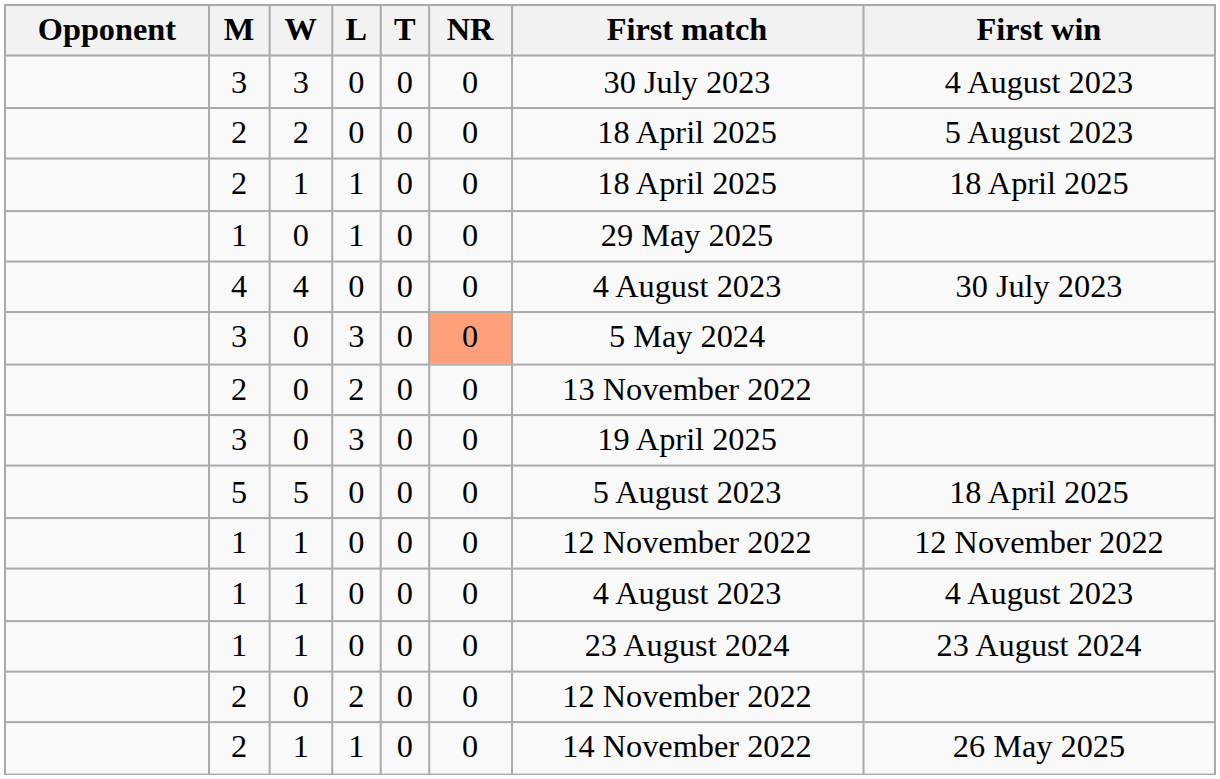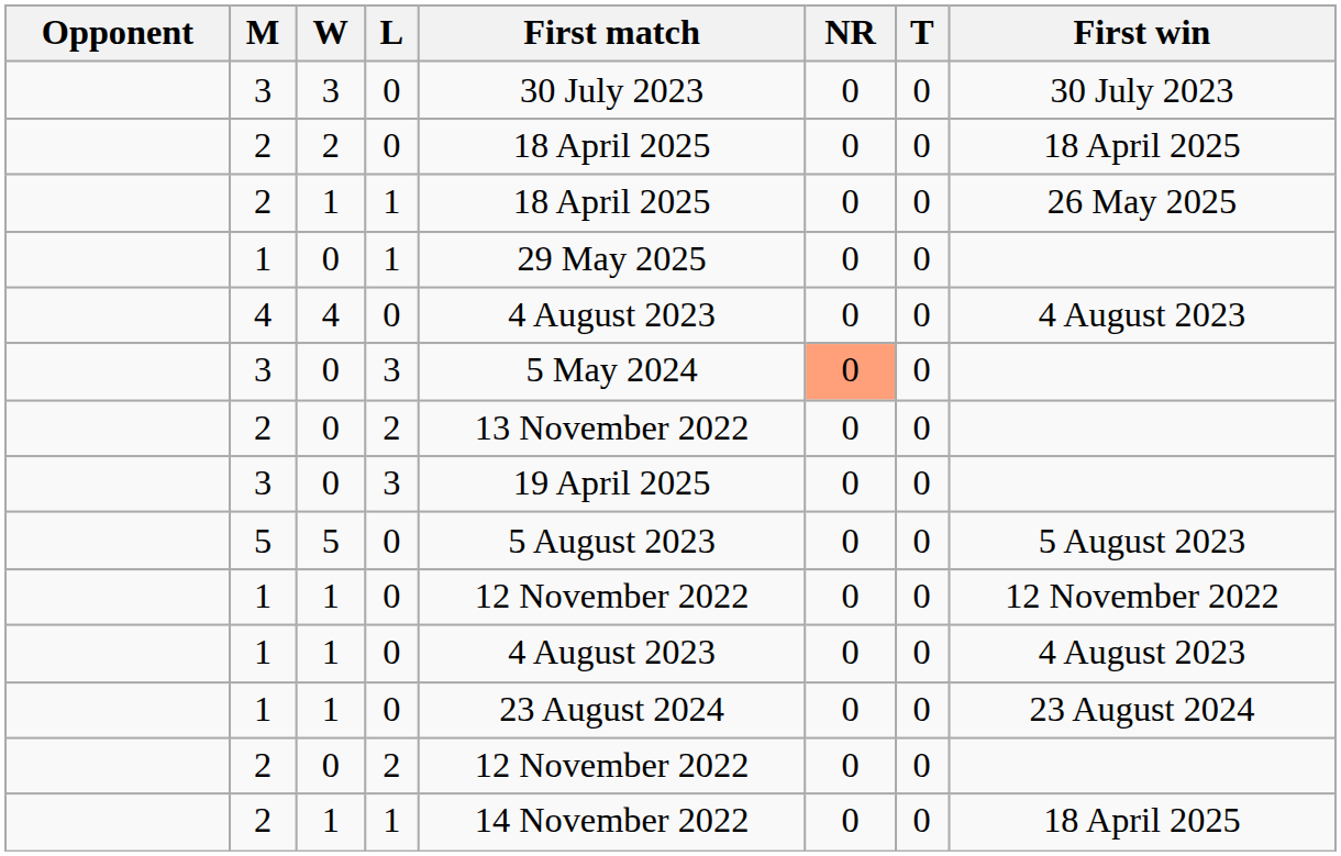 <table class="wikitable" style="text-align:center; width: 600px">
 <tr>
 <th>Opponent</th>
 <th>M</th>
 <th>W</th>
 <th>L</th>
+<th>First match</th>
+<th>NR</th>
 <th>T</th>
-<th>NR</th>
-<th>First match</th>
 <th>First win</th>
 </tr>
 <tr>
 <td align=left></td>
 <td>3</td>
 <td>3</td>
 <td>0</td>
+<td>30 July 2023</td>
 <td>0</td>
 <td>0</td>
 <td>30 July 2023</td>
-<td>4 August 2023</td>
 </tr>
 <tr>
 <td align=left></td>
 <td>2</td>
 <td>2</td>
 <td>0</td>
+<td>18 April 2025</td>
 <td>0</td>
 <td>0</td>
 <td>18 April 2025</td>
-<td>5 August 2023</td>
 </tr>
 <tr>
 <td align=left></td>
 <td>2</td>
 <td>1</td>
 <td>1</td>
+<td>18 April 2025</td>
 <td>0</td>
 <td>0</td>
-<td>18 April 2025</td>
-<td>18 April 2025</td>
+<td>26 May 2025</td>
 </tr>
 <tr>
 <td align=left></td>
 <td>1</td>
 <td>0</td>
 <td>1</td>
+<td>29 May 2025</td>
 <td>0</td>
 <td>0</td>
-<td>29 May 2025</td>
 <td></td>
 </tr>
 <tr>
 <td align=left></td>
 <td>4</td>
 <td>4</td>
 <td>0</td>
+<td>4 August 2023</td>
 <td>0</td>
 <td>0</td>
 <td>4 August 2023</td>
-<td>30 July 2023</td>
 </tr>
 <tr>
 <td align=left></td>
 <td>3</td>
 <td>0</td>
 <td>3</td>
+<td>5 May 2024</td>
+<td style="background: lightsalmon;">0</td>
 <td>0</td>
-<td style="background: lightsalmon;">0</td>
-<td>5 May 2024</td>
 <td></td>
 </tr>
 <tr>
 <td align=left></td>
 <td>2</td>
 <td>0</td>
 <td>2</td>
+<td>13 November 2022</td>
 <td>0</td>
 <td>0</td>
-<td>13 November 2022</td>
 <td></td>
 </tr>
 <tr>
 <td align=left></td>
 <td>3</td>
 <td>0</td>
 <td>3</td>
+<td>19 April 2025</td>
 <td>0</td>
 <td>0</td>
-<td>19 April 2025</td>
 <td></td>
 </tr>
 <tr>
 <td align=left></td>
 <td>5</td>
 <td>5</td>
 <td>0</td>
+<td>5 August 2023</td>
 <td>0</td>
 <td>0</td>
 <td>5 August 2023</td>
-<td>18 April 2025</td>
 </tr>
 <tr>
 <td align=left></td>
 <td>1</td>
 <td>1</td>
 <td>0</td>
+<td>12 November 2022</td>
 <td>0</td>
 <td>0</td>
-<td>12 November 2022</td>
 <td>12 November 2022</td>
 </tr>
 <tr>
 <td align=left></td>
 <td>1</td>
 <td>1</td>
 <td>0</td>
+<td>4 August 2023</td>
 <td>0</td>
 <td>0</td>
-<td>4 August 2023</td>
 <td>4 August 2023</td>
 </tr>
 <tr>
 <td align=left></td>
 <td>1</td>
 <td>1</td>
 <td>0</td>
+<td>23 August 2024</td>
 <td>0</td>
 <td>0</td>
-<td>23 August 2024</td>
 <td>23 August 2024</td>
 </tr>
 <tr>
 <td align=left></td>
 <td>2</td>
 <td>0</td>
 <td>2</td>
+<td>12 November 2022</td>
 <td>0</td>
 <td>0</td>
-<td>12 November 2022</td>
 <td></td>
 </tr>
 <tr>
 <td align=left></td>
 <td>2</td>
 <td>1</td>
 <td>1</td>
+<td>14 November 2022</td>
 <td>0</td>
 <td>0</td>
-<td>14 November 2022</td>
-<td>26 May 2025</td>
+<td>18 April 2025</td>
 </tr>
 </table>
